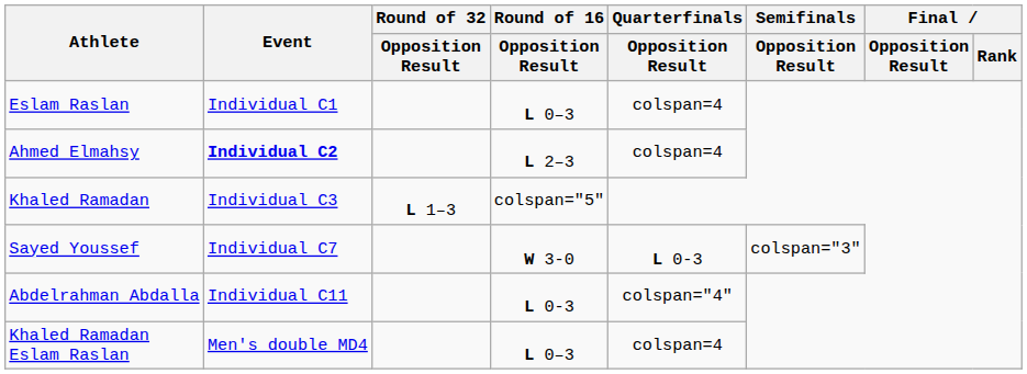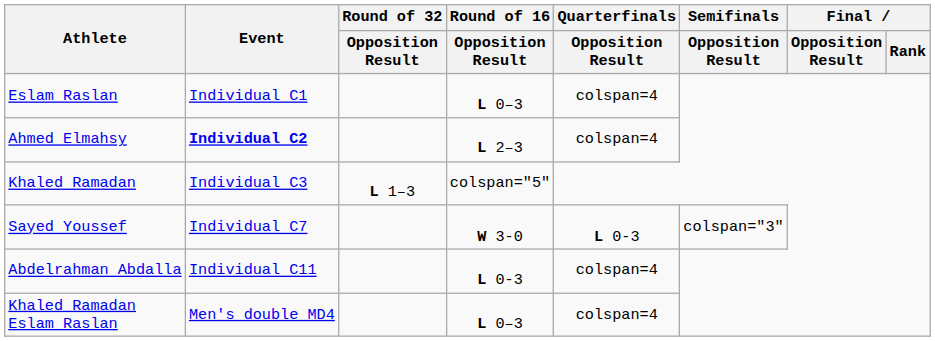 <table class=wikitable style="font-size:90%">
 <tr style="text-align:center">
 <th rowspan="2">Athlete</th>
 <th rowspan="2">Event</th>
 <th>Round of 32</th>
 <th>Round of 16</th>
 <th>Quarterfinals</th>
 <th>Semifinals</th>
 <th colspan="2">Final / </th>
 </tr>
 <tr>
 <th>Opposition<br>Result</th>
 <th>Opposition<br>Result</th>
 <th>Opposition<br>Result</th>
 <th>Opposition<br>Result</th>
 <th>Opposition<br>Result</th>
 <th>Rank</th>
 </tr>
 <tr style="text-align:center">
 <td style="text-align:left"><a href='#'>Eslam Raslan</a></td>
 <td style="text-align:left"><a href='#'>Individual C1</a></td>
 <td></td>
 <td><br><strong>L</strong> 0–3</td>
 <td>colspan=4 </td>
 </tr>
 <tr style="text-align:center">
 <td style="text-align:left"><a href='#'>Ahmed Elmahsy</a></td>
 <td style="text-align:left"><strong><a href='#'>Individual C2</a></strong></td>
 <td></td>
 <td><br><strong>L</strong> 2–3</td>
 <td>colspan=4 </td>
 </tr>
 <tr style="text-align:center">
 <td style="text-align:left"><a href='#'>Khaled Ramadan</a></td>
 <td style="text-align:left"><a href='#'>Individual C3</a></td>
 <td><br><strong>L</strong> 1–3</td>
 <td>colspan="5" </td>
 </tr>
 <tr style="text-align:center">
 <td style="text-align:left"><a href='#'>Sayed Youssef</a></td>
 <td style="text-align:left"><a href='#'>Individual C7</a></td>
 <td></td>
 <td><br><strong>W</strong> 3-0</td>
 <td><br><strong>L</strong> 0-3</td>
 <td>colspan="3" </td>
 </tr>
 <tr style="text-align:center">
 <td style="text-align:left"><a href='#'>Abdelrahman Abdalla</a></td>
 <td style="text-align:left"><a href='#'>Individual C11</a></td>
 <td></td>
 <td><br><strong>L</strong> 0-3</td>
-<td>colspan="4" </td>
+<td>colspan=4 </td>
 </tr>
 <tr style="text-align:center">
 <td style="text-align:left"><a href='#'>Khaled Ramadan</a><br><a href='#'>Eslam Raslan</a></td>
 <td style="text-align:left"><a href='#'>Men's double MD4</a></td>
 <td></td>
 <td><br><strong>L</strong> 0–3</td>
 <td>colspan=4 </td>
 </tr>
 </table>
